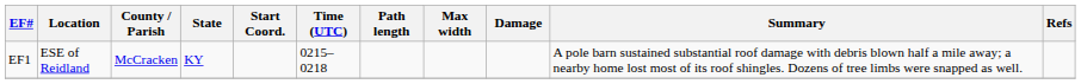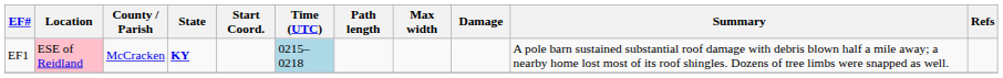 <table class="wikitable sortable" style="width:100%;">
 <tr>
 <th scope="col" width="3%" align="center"><a href='#'>EF#</a></th>
 <th scope="col" width="7%" align="center" class="unsortable">Location</th>
 <th scope="col" width="6%" align="center" class="unsortable">County / Parish</th>
 <th scope="col" width="5%" align="center">State</th>
 <th scope="col" width="6%" align="center">Start Coord.</th>
 <th scope="col" width="6%" align="center">Time (<a href='#'>UTC</a>)</th>
 <th scope="col" width="6%" align="center">Path length</th>
 <th scope="col" width="6%" align="center">Max width</th>
 <th scope="col" width="6%" align="center">Damage</th>
 <th scope="col" width="48%" class="unsortable" align="center">Summary</th>
 <th scope="col" width="48%" class="unsortable" align="center">Refs</th>
 </tr>
 <tr>
 <td>EF1</td>
-<td>ESE of <a href='#'>Reidland</a></td>
+<td style="background: pink;">ESE of <a href='#'>Reidland</a></td>
 <td><a href='#'>McCracken</a></td>
-<td><a href='#'>KY</a></td>
+<td><strong><a href='#'>KY</a></strong></td>
 <td></td>
-<td>0215–0218</td>
+<td style="background: lightblue;">0215–0218</td>
 <td></td>
 <td></td>
 <td></td>
 <td>A pole barn sustained substantial roof damage with debris blown half a mile away; a nearby home lost most of its roof shingles. Dozens of tree limbs were snapped as well.</td>
 <td></td>
 </tr>
 <tr>
 </tr>
 </table>
